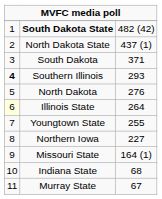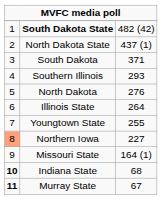 <table class="wikitable" style="display: inline-table;">
 <tr>
 <td align="center" Colspan="3"><strong>MVFC media poll</strong></td>
 </tr>
 <tr align="center">
 </tr>
 <tr align="center">
 <td>1</td>
 <td><strong>South Dakota State</strong></td>
 <td>482 (42)</td>
 </tr>
 <tr align="center">
 <td>2</td>
 <td>North Dakota State</td>
 <td>437 (1)</td>
 </tr>
 <tr align="center">
 <td>3</td>
 <td>South Dakota</td>
 <td>371</td>
 </tr>
 <tr align="center">
-<td><strong>4</strong></td>
+<td>4</td>
 <td>Southern Illinois</td>
 <td>293</td>
 </tr>
 <tr align="center">
 <td>5</td>
 <td>North Dakota</td>
 <td>276</td>
 </tr>
 <tr align="center">
-<td style="background: lightyellow;">6</td>
+<td>6</td>
 <td>Illinois State</td>
 <td>264</td>
 </tr>
 <tr align="center">
 <td>7</td>
 <td>Youngtown State</td>
 <td>255</td>
 </tr>
 <tr align="center">
-<td>8</td>
+<td style="background: lightsalmon;">8</td>
 <td>Northern Iowa</td>
 <td>227</td>
 </tr>
 <tr align="center">
 <td>9</td>
 <td>Missouri State</td>
 <td>164 (1)</td>
 </tr>
 <tr align="center">
-<td>10</td>
+<td><strong>10</strong></td>
 <td>Indiana State</td>
 <td>68</td>
 </tr>
 <tr align="center">
-<td>11</td>
+<td><strong>11</strong></td>
 <td>Murray State</td>
 <td>67</td>
 </tr>
 </table>
